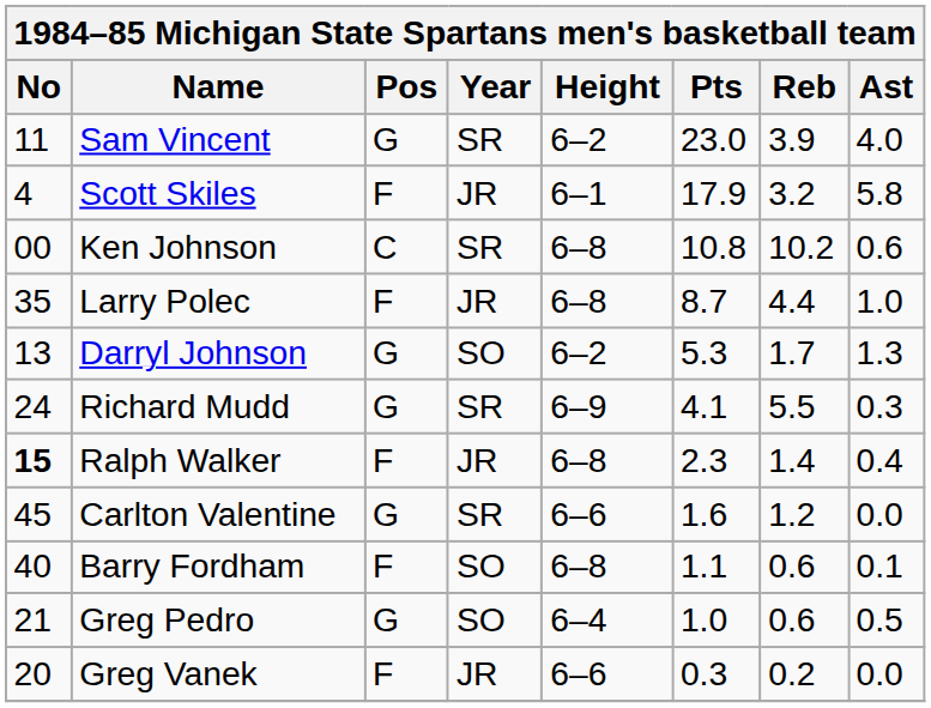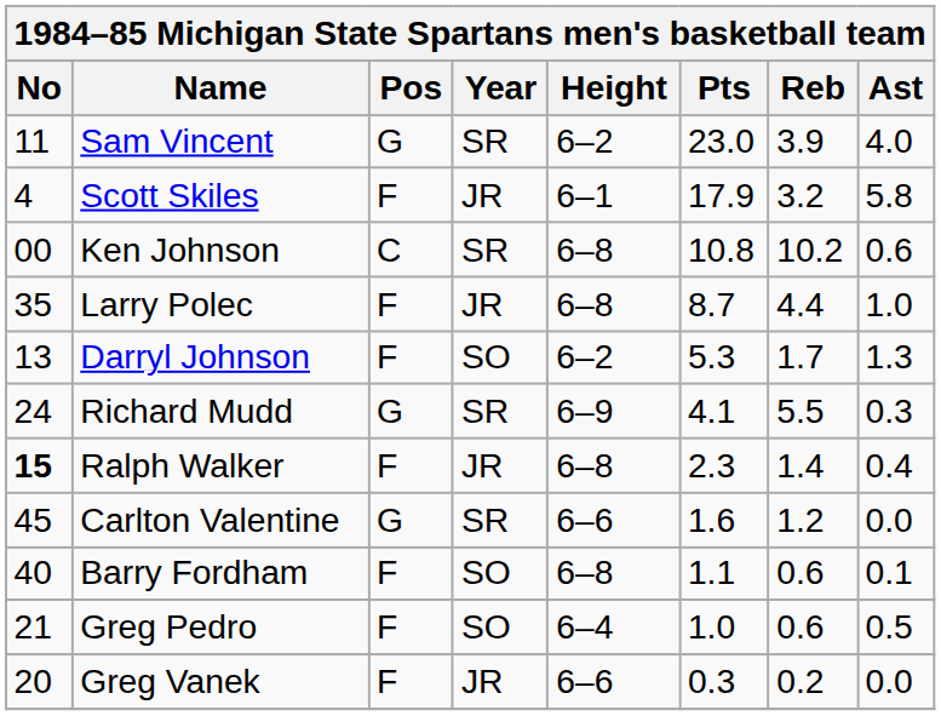 <table class="wikitable sortable" style="font-size: 90%" |->
 <tr>
 <th colspan=9 style=>1984–85 Michigan State Spartans men's basketball team</th>
 </tr>
 <tr>
 <th style="background:#">No</th>
 <th style="background:#">Name</th>
 <th style="background:#">Pos</th>
 <th style="background:#">Year</th>
 <th style="background:#">Height</th>
 <th style="background:#">Pts</th>
 <th style="background:#">Reb</th>
 <th style="background:#">Ast</th>
 </tr>
 <tr>
 <td>11</td>
 <td><a href='#'>Sam Vincent</a></td>
 <td>G</td>
 <td>SR</td>
 <td>6–2</td>
 <td>23.0</td>
 <td>3.9</td>
 <td>4.0</td>
 </tr>
 <tr>
 <td>4</td>
 <td><a href='#'>Scott Skiles</a></td>
 <td>F</td>
 <td>JR</td>
 <td>6–1</td>
 <td>17.9</td>
 <td>3.2</td>
 <td>5.8</td>
 </tr>
 <tr>
 <td>00</td>
 <td>Ken Johnson</td>
 <td>C</td>
 <td>SR</td>
 <td>6–8</td>
 <td>10.8</td>
 <td>10.2</td>
 <td>0.6</td>
 </tr>
 <tr>
 <td>35</td>
 <td>Larry Polec</td>
 <td>F</td>
 <td>JR</td>
 <td>6–8</td>
 <td>8.7</td>
 <td>4.4</td>
 <td>1.0</td>
 </tr>
 <tr>
 <td>13</td>
 <td><a href='#'>Darryl Johnson</a></td>
-<td>G</td>
+<td>F</td>
 <td>SO</td>
 <td>6–2</td>
 <td>5.3</td>
 <td>1.7</td>
 <td>1.3</td>
 </tr>
 <tr>
 <td>24</td>
 <td>Richard Mudd</td>
 <td>G</td>
 <td>SR</td>
 <td>6–9</td>
 <td>4.1</td>
 <td>5.5</td>
 <td>0.3</td>
 </tr>
 <tr>
 <td><strong>15</strong></td>
 <td>Ralph Walker</td>
 <td>F</td>
 <td>JR</td>
 <td>6–8</td>
 <td>2.3</td>
 <td>1.4</td>
 <td>0.4</td>
 </tr>
 <tr>
 <td>45</td>
 <td>Carlton Valentine</td>
 <td>G</td>
 <td>SR</td>
 <td>6–6</td>
 <td>1.6</td>
 <td>1.2</td>
 <td>0.0</td>
 </tr>
 <tr>
 <td>40</td>
 <td>Barry Fordham</td>
 <td>F</td>
 <td>SO</td>
 <td>6–8</td>
 <td>1.1</td>
 <td>0.6</td>
 <td>0.1</td>
 </tr>
 <tr>
 <td>21</td>
 <td>Greg Pedro</td>
-<td>G</td>
+<td>F</td>
 <td>SO</td>
 <td>6–4</td>
 <td>1.0</td>
 <td>0.6</td>
 <td>0.5</td>
 </tr>
 <tr>
 <td>20</td>
 <td>Greg Vanek</td>
 <td>F</td>
 <td>JR</td>
 <td>6–6</td>
 <td>0.3</td>
 <td>0.2</td>
 <td>0.0</td>
 </tr>
 <tr>
 </tr>
 </table>
